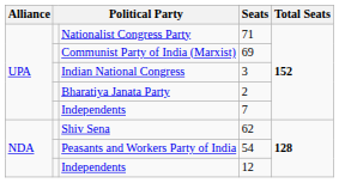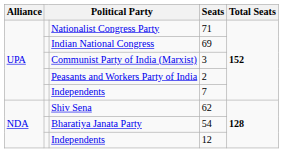 <table class="wikitable">
 <tr>
 <th>Alliance</th>
 <th colspan="2">Political Party</th>
 <th>Seats</th>
 <th>Total Seats</th>
 </tr>
 <tr>
 <td rowspan="5"><a href='#'>UPA</a></td>
 <td style="background-color:"></td>
 <td><a href='#'>Nationalist Congress Party</a></td>
 <td>71</td>
 <td rowspan="5"><strong>152</strong></td>
 </tr>
 <tr>
 <td style="background-color:"></td>
-<td><a href='#'>Communist Party of India (Marxist)</a></td>
+<td><a href='#'>Indian National Congress</a></td>
 <td>69</td>
 </tr>
 <tr>
 <td style="background-color:"></td>
-<td><a href='#'>Indian National Congress</a></td>
+<td><a href='#'>Communist Party of India (Marxist)</a></td>
 <td>3</td>
 </tr>
 <tr>
 <td style="background-color:"></td>
-<td><a href='#'>Bharatiya Janata Party</a></td>
+<td><a href='#'>Peasants and Workers Party of India</a></td>
 <td>2</td>
 </tr>
 <tr>
 <td style="background-color:"></td>
 <td><a href='#'>Independents</a></td>
 <td>7</td>
 </tr>
 <tr>
 <td rowspan="3"><a href='#'>NDA</a></td>
 <td style="background-color:"></td>
 <td><a href='#'>Shiv Sena</a></td>
 <td>62</td>
 <td rowspan="3"><strong>128</strong></td>
 </tr>
 <tr>
 <td style="background-color:"></td>
-<td><a href='#'>Peasants and Workers Party of India</a></td>
+<td><a href='#'>Bharatiya Janata Party</a></td>
 <td>54</td>
 </tr>
 <tr>
 <td style="background-color:"></td>
 <td><a href='#'>Independents</a></td>
 <td>12</td>
 </tr>
 </table>
